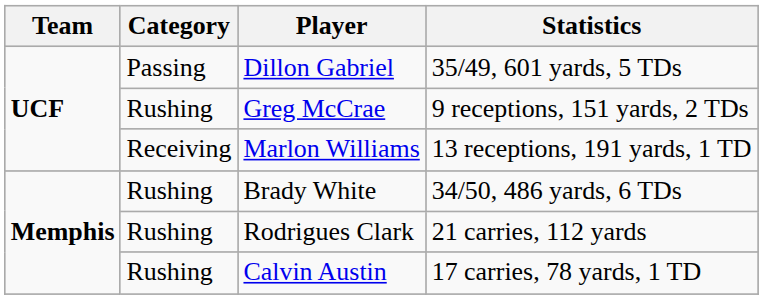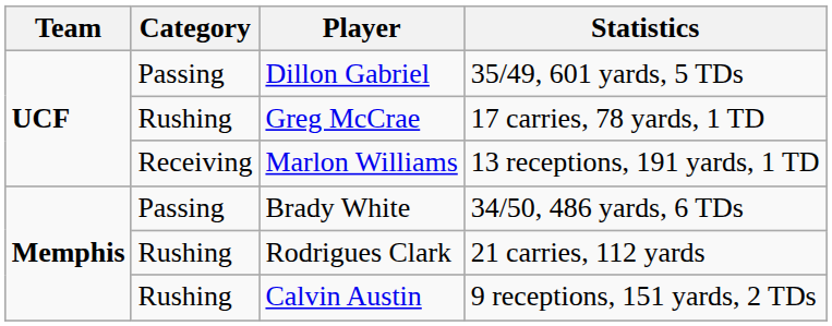 <table class="wikitable" style="float: left;">
 <tr>
 <th>Team</th>
 <th>Category</th>
 <th>Player</th>
 <th>Statistics</th>
 </tr>
 <tr>
 <td rowspan=3><strong>UCF</strong></td>
 <td>Passing</td>
 <td><a href='#'>Dillon Gabriel</a></td>
 <td>35/49, 601 yards, 5 TDs</td>
 </tr>
 <tr>
 <td>Rushing</td>
 <td><a href='#'>Greg McCrae</a></td>
-<td>9 receptions, 151 yards, 2 TDs</td>
+<td>17 carries, 78 yards, 1 TD</td>
 </tr>
 <tr>
 <td>Receiving</td>
 <td><a href='#'>Marlon Williams</a></td>
 <td>13 receptions, 191 yards, 1 TD</td>
 </tr>
 <tr>
 <td rowspan=3><strong>Memphis</strong></td>
-<td>Rushing</td>
+<td>Passing</td>
 <td>Brady White</td>
 <td>34/50, 486 yards, 6 TDs</td>
 </tr>
 <tr>
 <td>Rushing</td>
 <td>Rodrigues Clark</td>
 <td>21 carries, 112 yards</td>
 </tr>
 <tr>
 <td>Rushing</td>
 <td><a href='#'>Calvin Austin</a></td>
-<td>17 carries, 78 yards, 1 TD</td>
+<td>9 receptions, 151 yards, 2 TDs</td>
 </tr>
 </table>
